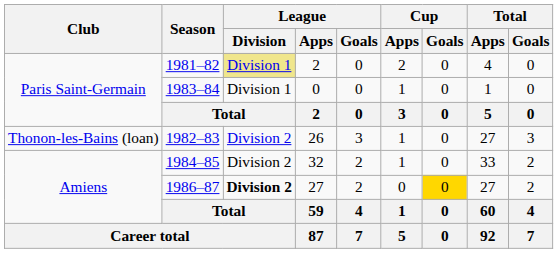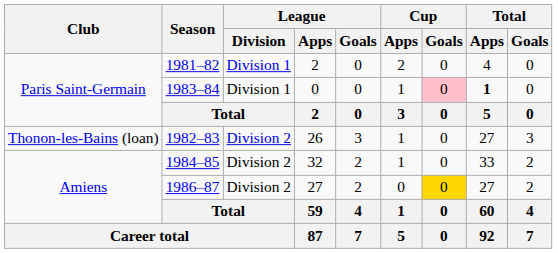 <table class="wikitable" style="text-align:center">
 <tr>
 <th rowspan="2">Club</th>
 <th rowspan="2">Season</th>
 <th colspan="3">League</th>
 <th colspan="2">Cup</th>
 <th colspan="2">Total</th>
 </tr>
 <tr>
 <th>Division</th>
 <th>Apps</th>
 <th>Goals</th>
 <th>Apps</th>
 <th>Goals</th>
 <th>Apps</th>
 <th>Goals</th>
 </tr>
 <tr>
 <td rowspan="3"><a href='#'>Paris Saint-Germain</a></td>
 <td><a href='#'>1981–82</a></td>
-<td style="background: khaki;"><a href='#'>Division 1</a></td>
+<td><a href='#'>Division 1</a></td>
 <td>2</td>
 <td>0</td>
 <td>2</td>
 <td>0</td>
 <td>4</td>
 <td>0</td>
 </tr>
 <tr>
 <td><a href='#'>1983–84</a></td>
 <td>Division 1</td>
 <td>0</td>
 <td>0</td>
 <td>1</td>
-<td>0</td>
-<td>1</td>
+<td style="background: pink;">0</td>
+<td><strong>1</strong></td>
 <td>0</td>
 </tr>
 <tr>
 <th colspan="2">Total</th>
 <th>2</th>
 <th>0</th>
 <th>3</th>
 <th>0</th>
 <th>5</th>
 <th>0</th>
 </tr>
 <tr>
 <td><a href='#'>Thonon-les-Bains</a> (loan)</td>
 <td><a href='#'>1982–83</a></td>
 <td><a href='#'>Division 2</a></td>
 <td>26</td>
 <td>3</td>
 <td>1</td>
 <td>0</td>
 <td>27</td>
 <td>3</td>
 </tr>
 <tr>
 <td rowspan="3"><a href='#'>Amiens</a></td>
 <td><a href='#'>1984–85</a></td>
 <td>Division 2</td>
 <td>32</td>
 <td>2</td>
 <td>1</td>
 <td>0</td>
 <td>33</td>
 <td>2</td>
 </tr>
 <tr>
 <td><a href='#'>1986–87</a></td>
-<td><strong>Division 2</strong></td>
+<td>Division 2</td>
 <td>27</td>
 <td>2</td>
 <td>0</td>
 <td style="background: gold;">0</td>
 <td>27</td>
 <td>2</td>
 </tr>
 <tr>
 <th colspan="2">Total</th>
 <th>59</th>
 <th>4</th>
 <th>1</th>
 <th>0</th>
 <th>60</th>
 <th>4</th>
 </tr>
 <tr>
 <th colspan="3">Career total</th>
 <th>87</th>
 <th>7</th>
 <th>5</th>
 <th>0</th>
 <th>92</th>
 <th>7</th>
 </tr>
 </table>
